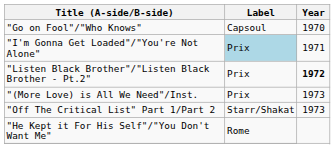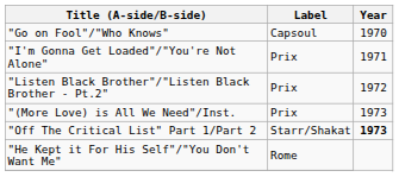 <table class="wikitable">
 <tr>
 <th width="300">Title (A-side/B-side)</th>
 <th width="90">Label</th>
 <th width="40">Year</th>
 </tr>
 <tr>
 <td>"Go on Fool"/"Who Knows"</td>
 <td>Capsoul</td>
 <td align="center">1970</td>
 </tr>
 <tr>
 <td>"I'm Gonna Get Loaded"/"You're Not Alone"</td>
-<td style="background: lightblue;">Prix</td>
+<td>Prix</td>
 <td align="center">1971</td>
 </tr>
 <tr>
 <td>"Listen Black Brother"/"Listen Black Brother - Pt.2"</td>
 <td>Prix</td>
-<td align="center"><strong>1972</strong></td>
+<td align="center">1972</td>
 </tr>
 <tr>
 <td>"(More Love) is All We Need"/Inst.</td>
 <td>Prix</td>
 <td align="center">1973</td>
 </tr>
 <tr>
 <td>"Off The Critical List" Part 1/Part 2</td>
 <td>Starr/Shakat</td>
-<td align="center">1973</td>
+<td align="center"><strong>1973</strong></td>
 </tr>
 <tr>
 <td>"He Kept it For His Self"/"You Don't Want Me"</td>
 <td>Rome</td>
 </tr>
 <tr>
 </tr>
 </table>
